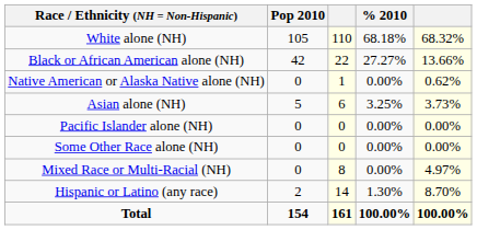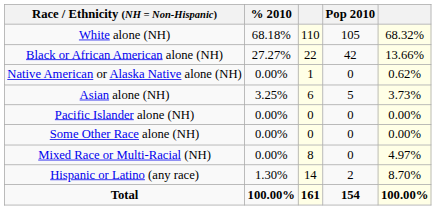 <table class="wikitable" style="text-align:center;">
 <tr>
 <th>Race / Ethnicity <small>(<em>NH = Non-Hispanic</em>)</small></th>
+<th>% 2010</th>
+<th></th>
 <th>Pop 2010</th>
-<th></th>
-<th>% 2010</th>
 <th></th>
 </tr>
 <tr>
 <td><a href='#'>White</a> alone (NH)</td>
+<td>68.18%</td>
+<td style='background: #ffffe6;'>110</td>
 <td>105</td>
-<td style='background: #ffffe6;'>110</td>
-<td>68.18%</td>
 <td style='background: #ffffe6;'>68.32%</td>
 </tr>
 <tr>
 <td><a href='#'>Black or African American</a> alone (NH)</td>
+<td>27.27%</td>
+<td style='background: #ffffe6;'>22</td>
 <td>42</td>
-<td style='background: #ffffe6;'>22</td>
-<td>27.27%</td>
 <td style='background: #ffffe6;'>13.66%</td>
 </tr>
 <tr>
 <td><a href='#'>Native American</a> or <a href='#'>Alaska Native</a> alone (NH)</td>
+<td>0.00%</td>
+<td style='background: #ffffe6;'>1</td>
 <td>0</td>
-<td style='background: #ffffe6;'>1</td>
-<td>0.00%</td>
 <td style='background: #ffffe6;'>0.62%</td>
 </tr>
 <tr>
 <td><a href='#'>Asian</a> alone (NH)</td>
+<td>3.25%</td>
+<td style='background: #ffffe6;'>6</td>
 <td>5</td>
-<td style='background: #ffffe6;'>6</td>
-<td>3.25%</td>
 <td style='background: #ffffe6;'>3.73%</td>
 </tr>
 <tr>
 <td><a href='#'>Pacific Islander</a> alone (NH)</td>
+<td>0.00%</td>
+<td style='background: #ffffe6;'>0</td>
 <td>0</td>
-<td style='background: #ffffe6;'>0</td>
-<td>0.00%</td>
 <td style='background: #ffffe6;'>0.00%</td>
 </tr>
 <tr>
 <td><a href='#'>Some Other Race</a> alone (NH)</td>
+<td>0.00%</td>
+<td style='background: #ffffe6;'>0</td>
 <td>0</td>
-<td style='background: #ffffe6;'>0</td>
-<td>0.00%</td>
 <td style='background: #ffffe6;'>0.00%</td>
 </tr>
 <tr>
 <td><a href='#'>Mixed Race or Multi-Racial</a> (NH)</td>
+<td>0.00%</td>
+<td style='background: #ffffe6;'>8</td>
 <td>0</td>
-<td style='background: #ffffe6;'>8</td>
-<td>0.00%</td>
 <td style='background: #ffffe6;'>4.97%</td>
 </tr>
 <tr>
 <td><a href='#'>Hispanic or Latino</a> (any race)</td>
+<td>1.30%</td>
+<td style='background: #ffffe6;'>14</td>
 <td>2</td>
-<td style='background: #ffffe6;'>14</td>
-<td>1.30%</td>
 <td style='background: #ffffe6;'>8.70%</td>
 </tr>
 <tr>
 <td><strong>Total</strong></td>
+<td><strong>100.00%</strong></td>
+<td style='background: #ffffe6;'><strong>161</strong></td>
 <td><strong>154</strong></td>
-<td style='background: #ffffe6;'><strong>161</strong></td>
-<td><strong>100.00%</strong></td>
 <td style='background: #ffffe6;'><strong>100.00%</strong></td>
 </tr>
 </table>
